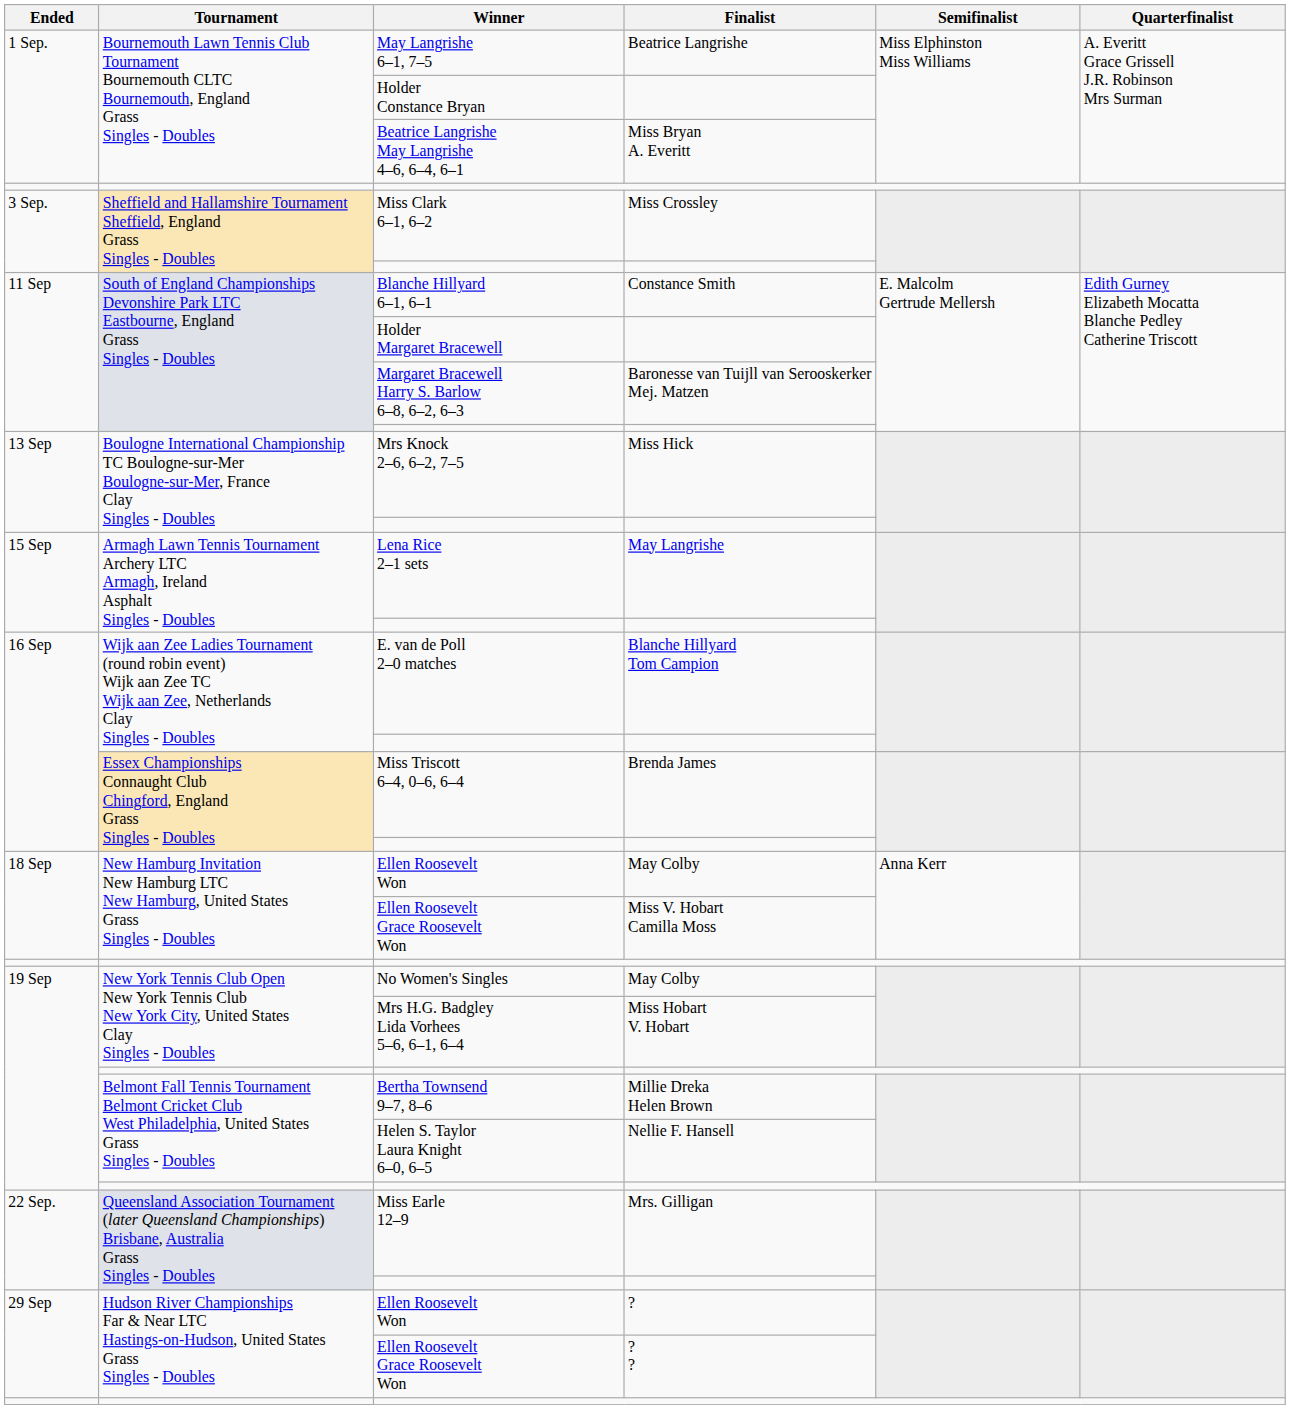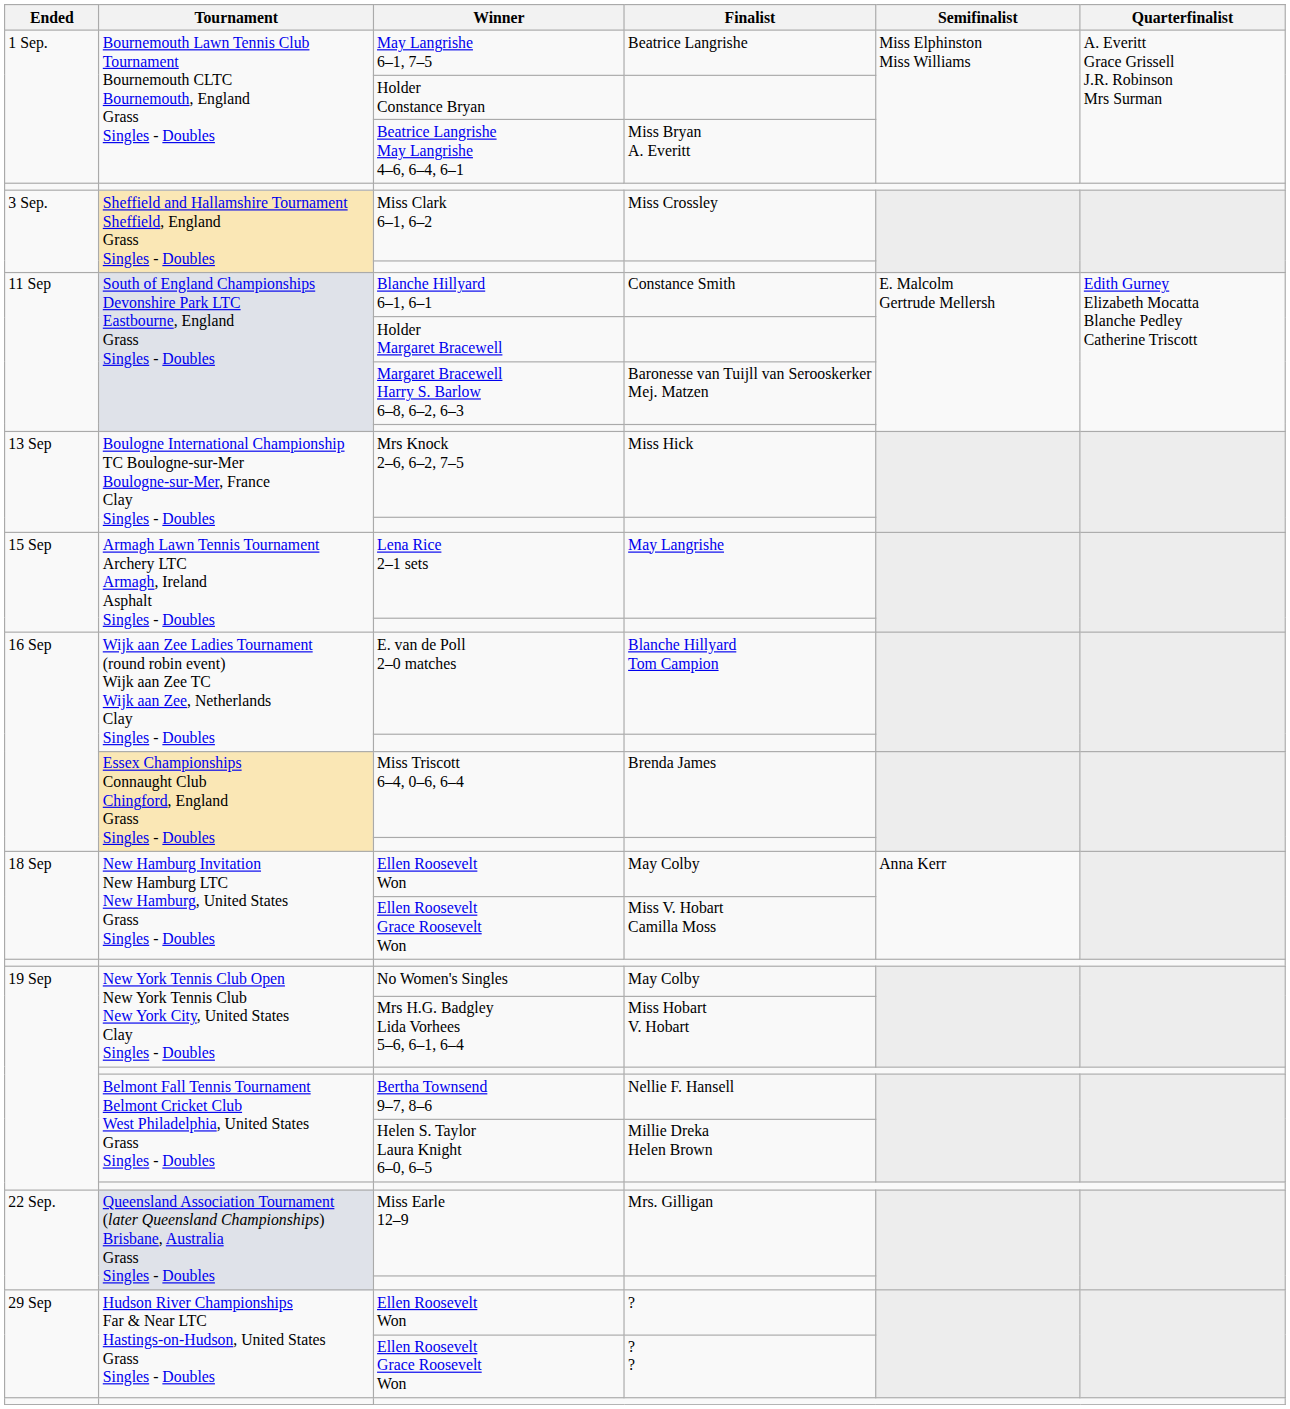 <table class="wikitable" style="font-size:85%;">
 <tr>
 <th width="75">Ended</th>
 <th width="230">Tournament</th>
 <th width="210">Winner</th>
 <th width="210">Finalist</th>
 <th width="170">Semifinalist</th>
 <th width="170">Quarterfinalist</th>
 </tr>
 <tr valign=top>
 <td rowspan=3>1 Sep.</td>
 <td rowspan=3><a href='#'>Bournemouth Lawn Tennis Club Tournament</a><br>Bournemouth CLTC<br><a href='#'>Bournemouth</a>, England<br>Grass<br><a href='#'>Singles</a> - <a href='#'>Doubles</a></td>
 <td> <a href='#'>May Langrishe</a><br>6–1, 7–5</td>
 <td>  Beatrice Langrishe</td>
 <td rowspan=3> Miss Elphinston <br> Miss Williams</td>
 <td rowspan=3> A. Everitt <br> Grace Grissell  <br> J.R. Robinson <br>  Mrs Surman</td>
 </tr>
 <tr valign=top>
 <td>Holder<br> Constance Bryan</td>
 </tr>
 <tr valign=top>
 <td> <a href='#'>Beatrice Langrishe</a><br> <a href='#'>May Langrishe</a><br>4–6, 6–4, 6–1</td>
 <td> Miss Bryan<br> A. Everitt</td>
 </tr>
 <tr valign=top>
 <td></td>
 <td></td>
 </tr>
 <tr valign=top>
 <td rowspan=2>3 Sep.</td>
 <td style="background:#fae7b5" rowspan=2><a href='#'>Sheffield and Hallamshire Tournament</a><br> <a href='#'>Sheffield</a>, England<br>Grass<br><a href='#'>Singles</a> - <a href='#'>Doubles</a></td>
 <td> Miss Clark<br>6–1, 6–2</td>
 <td> Miss Crossley</td>
 <td style="background:#ededed;" rowspan=2></td>
 <td style="background:#ededed;" rowspan=2></td>
 </tr>
 <tr valign=top>
 <td></td>
 <td></td>
 </tr>
 <tr valign=top>
 <td rowspan=4>11 Sep</td>
 <td style="background:#dfe2e9" rowspan=4><a href='#'>South of England Championships</a><br><a href='#'>Devonshire Park LTC</a><br><a href='#'>Eastbourne</a>, England<br>Grass<br><a href='#'>Singles</a> - <a href='#'>Doubles</a></td>
 <td> <a href='#'>Blanche Hillyard</a><br>6–1, 6–1</td>
 <td> Constance Smith</td>
 <td rowspan=4> E. Malcolm<br>  Gertrude Mellersh</td>
 <td rowspan=4> <a href='#'>Edith Gurney</a><br> Elizabeth Mocatta <br> Blanche Pedley<br> Catherine Triscott</td>
 </tr>
 <tr valign=top>
 <td>Holder<br> <a href='#'>Margaret Bracewell</a></td>
 </tr>
 <tr valign=top>
 <td> <a href='#'>Margaret Bracewell</a><br> <a href='#'>Harry S. Barlow</a><br>6–8, 6–2, 6–3</td>
 <td> Baronesse van Tuijll van Serooskerker<br> Mej. Matzen</td>
 </tr>
 <tr valign=top>
 <td></td>
 <td></td>
 </tr>
 <tr valign=top>
 <td rowspan=2>13 Sep</td>
 <td rowspan=2><a href='#'>Boulogne International Championship</a><br>TC Boulogne-sur-Mer<br><a href='#'>Boulogne-sur-Mer</a>, France<br>Clay<br><a href='#'>Singles</a> - <a href='#'>Doubles</a></td>
 <td> Mrs Knock<br>2–6, 6–2, 7–5</td>
 <td> Miss Hick</td>
 <td style="background:#ededed;" rowspan=2></td>
 <td style="background:#ededed;" rowspan=2></td>
 </tr>
 <tr valign=top>
 <td></td>
 <td></td>
 </tr>
 <tr valign=top>
 <td rowspan=2>15 Sep</td>
 <td rowspan=2><a href='#'>Armagh Lawn Tennis Tournament</a><br> Archery LTC<br><a href='#'>Armagh</a>, Ireland<br>Asphalt<br><a href='#'>Singles</a> - <a href='#'>Doubles</a></td>
 <td> <a href='#'>Lena Rice</a><br>2–1 sets</td>
 <td> <a href='#'>May Langrishe</a></td>
 <td style="background:#ededed;" rowspan=2></td>
 <td style="background:#ededed;" rowspan=2></td>
 </tr>
 <tr valign=top>
 <td></td>
 <td></td>
 </tr>
 <tr valign=top>
 <td rowspan=4>16 Sep</td>
 <td rowspan=2><a href='#'>Wijk aan Zee Ladies Tournament</a><br>(round robin event)<br>Wijk aan Zee TC<br><a href='#'>Wijk aan Zee</a>, Netherlands<br>Clay<br><a href='#'>Singles</a> - <a href='#'>Doubles</a></td>
 <td> E. van de Poll <br>2–0 matches</td>
 <td> <a href='#'>Blanche Hillyard</a><br> <a href='#'>Tom Campion</a></td>
 <td style="background:#ededed;" rowspan=2></td>
 <td style="background:#ededed;" rowspan=2></td>
 </tr>
 <tr valign=top>
 <td></td>
 <td></td>
 </tr>
 <tr valign=top>
 <td style="background:#fae7b5" rowspan=2><a href='#'>Essex Championships</a><br>Connaught Club<br><a href='#'>Chingford</a>, England<br>Grass<br><a href='#'>Singles</a> - <a href='#'>Doubles</a></td>
 <td> Miss Triscott<br>6–4, 0–6, 6–4</td>
 <td> Brenda James</td>
 <td style="background:#ededed;" rowspan=2></td>
 <td style="background:#ededed;" rowspan=2></td>
 </tr>
 <tr valign=top>
 <td></td>
 <td></td>
 </tr>
 <tr valign=top>
 <td rowspan=2>18 Sep</td>
 <td rowspan=2><a href='#'>New Hamburg Invitation</a><br>New Hamburg LTC<br> <a href='#'>New Hamburg</a>, United States<br>Grass<br><a href='#'>Singles</a> - <a href='#'>Doubles</a></td>
 <td> <a href='#'>Ellen Roosevelt</a><br>Won</td>
 <td> May Colby</td>
 <td rowspan=2> Anna Kerr</td>
 <td style="background:#ededed;" rowspan=2></td>
 </tr>
 <tr valign=top>
 <td> <a href='#'>Ellen Roosevelt</a><br> <a href='#'>Grace Roosevelt</a><br>Won</td>
 <td> Miss V. Hobart<br> Camilla Moss</td>
 </tr>
 <tr valign=top>
 <td></td>
 <td></td>
 </tr>
 <tr valign=top>
 <td rowspan=6>19 Sep</td>
 <td rowspan=2><a href='#'>New York Tennis Club Open</a><br>New York Tennis Club<br><a href='#'>New York City</a>, United States<br>Clay<br><a href='#'>Singles</a> - <a href='#'>Doubles</a></td>
 <td>No Women's Singles</td>
 <td> May Colby</td>
 <td style="background:#ededed;" rowspan=2></td>
 <td style="background:#ededed;" rowspan=2></td>
 </tr>
 <tr valign=top>
 <td> Mrs H.G. Badgley<br> Lida Vorhees<br>5–6, 6–1, 6–4</td>
 <td> Miss Hobart<br> V. Hobart</td>
 </tr>
 <tr valign=top>
 <td></td>
 <td></td>
 </tr>
 <tr valign=top>
 <td rowspan=2><a href='#'>Belmont Fall Tennis Tournament</a><br><a href='#'>Belmont Cricket Club</a><br><a href='#'>West Philadelphia</a>, United States<br>Grass<br><a href='#'>Singles</a> - <a href='#'>Doubles</a></td>
 <td> <a href='#'>Bertha Townsend</a><br>9–7, 8–6</td>
-<td> Millie Dreka<br> Helen Brown</td>
+<td> Nellie F. Hansell</td>
 <td style="background:#ededed;" rowspan=2></td>
 <td style="background:#ededed;" rowspan=2></td>
 </tr>
 <tr valign=top>
 <td> Helen S. Taylor<br> Laura Knight <br>6–0, 6–5</td>
-<td> Nellie F. Hansell</td>
+<td> Millie Dreka<br> Helen Brown</td>
 </tr>
 <tr valign=top>
 <td></td>
 <td></td>
 </tr>
 <tr valign=top>
 <td rowspan=2>22 Sep.</td>
 <td style="background:#dfe2e9" rowspan=2><a href='#'>Queensland Association Tournament</a><br>(<em>later Queensland Championships</em>) <br><a href='#'>Brisbane</a>, <a href='#'>Australia</a><br>Grass<br><a href='#'>Singles</a> - <a href='#'>Doubles</a></td>
 <td> Miss Earle<br>12–9</td>
 <td> Mrs. Gilligan</td>
 <td style="background:#ededed;" rowspan=2></td>
 <td style="background:#ededed;" rowspan=2></td>
 </tr>
 <tr valign=top>
 <td></td>
 <td></td>
 </tr>
 <tr valign=top>
 <td rowspan=2>29 Sep</td>
 <td rowspan=2><a href='#'>Hudson River Championships</a><br>Far & Near LTC<br><a href='#'>Hastings-on-Hudson</a>, United States<br>Grass<br><a href='#'>Singles</a> - <a href='#'>Doubles</a></td>
 <td> <a href='#'>Ellen Roosevelt</a><br>Won</td>
 <td> ?</td>
 <td style="background:#ededed;" rowspan=2></td>
 <td style="background:#ededed;" rowspan=2></td>
 </tr>
 <tr valign=top>
 <td> <a href='#'>Ellen Roosevelt</a><br> <a href='#'>Grace Roosevelt</a><br>Won</td>
 <td> ?<br> ?</td>
 </tr>
 <tr valign=top>
 <td></td>
 <td></td>
 </tr>
 <tr valign=top>
 </tr>
 </table>
